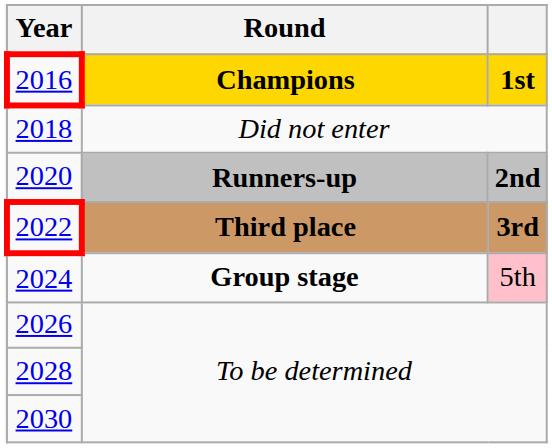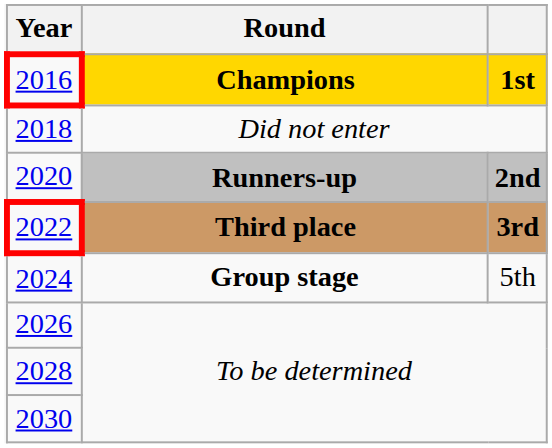 <table class="wikitable" style="text-align: center; font-size:90%">
 <tr>
 <th>Year</th>
 <th style="width:200px">Round</th>
 <th></th>
 </tr>
 <tr>
 <td style="border: 3px solid red"><a href='#'>2016</a></td>
 <td bgcolor=Gold><strong>Champions</strong></td>
 <td bgcolor=Gold><strong>1st</strong></td>
 </tr>
 <tr>
 <td><a href='#'>2018</a></td>
 <td colspan="2"><em>Did not enter</em></td>
 </tr>
 <tr>
 <td><a href='#'>2020</a></td>
 <td bgcolor=Silver><strong>Runners-up</strong></td>
 <td bgcolor=Silver><strong>2nd</strong></td>
 </tr>
 <tr>
 <td style="border: 3px solid red"><a href='#'>2022</a></td>
 <td bgcolor="cc9966"><strong>Third place</strong></td>
 <td bgcolor="cc9966"><strong>3rd</strong></td>
 </tr>
 <tr>
 <td><a href='#'>2024</a></td>
 <td><strong>Group stage</strong></td>
-<td style="background: pink;">5th</td>
+<td>5th</td>
 </tr>
 <tr>
 <td><a href='#'>2026</a></td>
 <td colspan="2" rowspan="3"><em>To be determined</em></td>
 </tr>
 <tr>
 <td><a href='#'>2028</a></td>
 </tr>
 <tr>
 <td><a href='#'>2030</a></td>
 </tr>
 </table>
